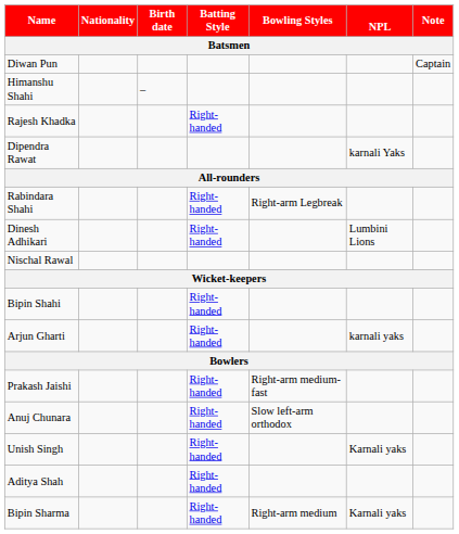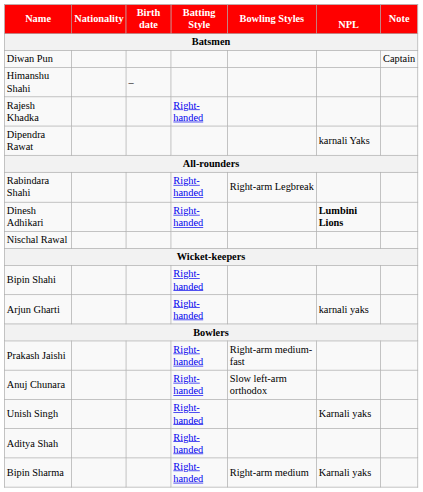 <table class= "sortable wikitable", style="font-size:95%;">
 <tr>
 <th style="background:Red; color:white; text-align:centre;">Name</th>
 <th style="background:Red; color:white; text-align:centre;">Nationality</th>
 <th style="background:Red; color:white; text-align:centre;">Birth date</th>
 <th style="background:Red; color:white; text-align:centre;">Batting Style</th>
 <th style="background:Red; color:white; text-align:centre;">Bowling Styles</th>
 <th style="background:Red; color:white; text-align:centre;"><br>NPL</th>
 <th style="background:Red; color:white; text-align:centre;">Note</th>
 </tr>
 <tr>
 <th colspan="7";text-align:center>Batsmen</th>
 </tr>
 <tr>
 <td>Diwan Pun</td>
 <td></td>
 <td></td>
 <td></td>
 <td></td>
 <td></td>
 <td>Captain</td>
 </tr>
 <tr>
 <td>Himanshu Shahi</td>
 <td></td>
 <td>–</td>
 <td></td>
 <td></td>
 <td></td>
 <td></td>
 </tr>
 <tr>
 <td>Rajesh Khadka</td>
 <td></td>
 <td></td>
 <td><a href='#'>Right-handed</a></td>
 <td></td>
 <td></td>
 <td></td>
 </tr>
 <tr>
 <td>Dipendra Rawat</td>
 <td></td>
 <td></td>
 <td></td>
 <td></td>
 <td>karnali Yaks</td>
 <td></td>
 </tr>
 <tr>
 <th colspan="7";text-align:center>All-rounders</th>
 </tr>
 <tr>
 <td>Rabindara Shahi</td>
 <td></td>
 <td></td>
 <td><a href='#'>Right-handed</a></td>
 <td>Right-arm Legbreak</td>
 <td></td>
 <td></td>
 </tr>
 <tr>
 <td>Dinesh Adhikari</td>
 <td></td>
 <td></td>
 <td><a href='#'>Right-handed</a></td>
 <td></td>
-<td>Lumbini Lions</td>
+<td><strong>Lumbini Lions</strong></td>
 <td></td>
 </tr>
 <tr>
 <td>Nischal Rawal</td>
 <td></td>
 <td></td>
 <td></td>
 <td></td>
 <td></td>
 </tr>
 <tr>
 <th colspan ="7";text-align:center>Wicket-keepers</th>
 </tr>
 <tr>
 <td>Bipin Shahi</td>
 <td></td>
 <td></td>
 <td><a href='#'>Right-handed</a></td>
 <td></td>
 <td></td>
 <td></td>
 </tr>
 <tr>
 <td>Arjun Gharti</td>
 <td></td>
 <td></td>
 <td><a href='#'>Right-handed</a></td>
 <td></td>
 <td>karnali yaks</td>
 <td></td>
 </tr>
 <tr>
 <th colspan="7";text-align:center>Bowlers</th>
 </tr>
 <tr>
 <td>Prakash Jaishi</td>
 <td></td>
 <td></td>
 <td><a href='#'>Right-handed</a></td>
 <td>Right-arm medium-fast</td>
 <td></td>
 <td></td>
 </tr>
 <tr>
 <td>Anuj Chunara</td>
 <td></td>
 <td></td>
 <td><a href='#'>Right-handed</a></td>
 <td>Slow left-arm orthodox</td>
 <td></td>
 <td></td>
 </tr>
 <tr>
 <td>Unish Singh</td>
 <td></td>
 <td></td>
 <td><a href='#'>Right-handed</a></td>
 <td></td>
 <td>Karnali yaks</td>
 <td></td>
 </tr>
 <tr>
 <td>Aditya Shah</td>
 <td></td>
 <td></td>
 <td><a href='#'>Right-handed</a></td>
 <td></td>
 <td></td>
 <td></td>
 </tr>
 <tr>
 <td>Bipin Sharma</td>
 <td></td>
 <td></td>
 <td><a href='#'>Right-handed</a></td>
 <td>Right-arm medium</td>
 <td>Karnali yaks</td>
 <td></td>
 </tr>
 </table>
